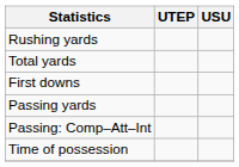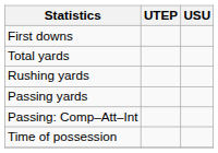 <table class="wikitable" style="float: left;">
 <tr>
 <th>Statistics</th>
 <th>UTEP</th>
 <th>USU</th>
 </tr>
 <tr>
-<td>Rushing yards</td>
+<td>First downs</td>
 <td></td>
 <td></td>
 </tr>
 <tr>
 <td>Total yards</td>
 <td></td>
 <td></td>
 </tr>
 <tr>
-<td>First downs</td>
+<td>Rushing yards</td>
 <td></td>
 <td></td>
 </tr>
 <tr>
 <td>Passing yards</td>
 <td></td>
 <td></td>
 </tr>
 <tr>
 <td>Passing: Comp–Att–Int</td>
 <td></td>
 <td></td>
 </tr>
 <tr>
 <td>Time of possession</td>
 <td></td>
 <td></td>
 </tr>
 <tr>
 </tr>
 </table>
